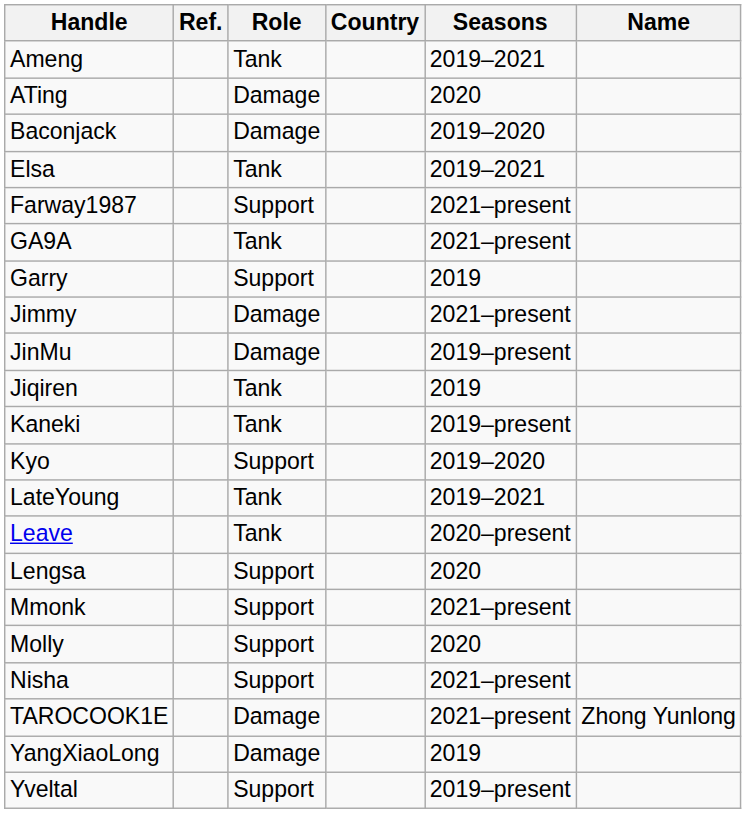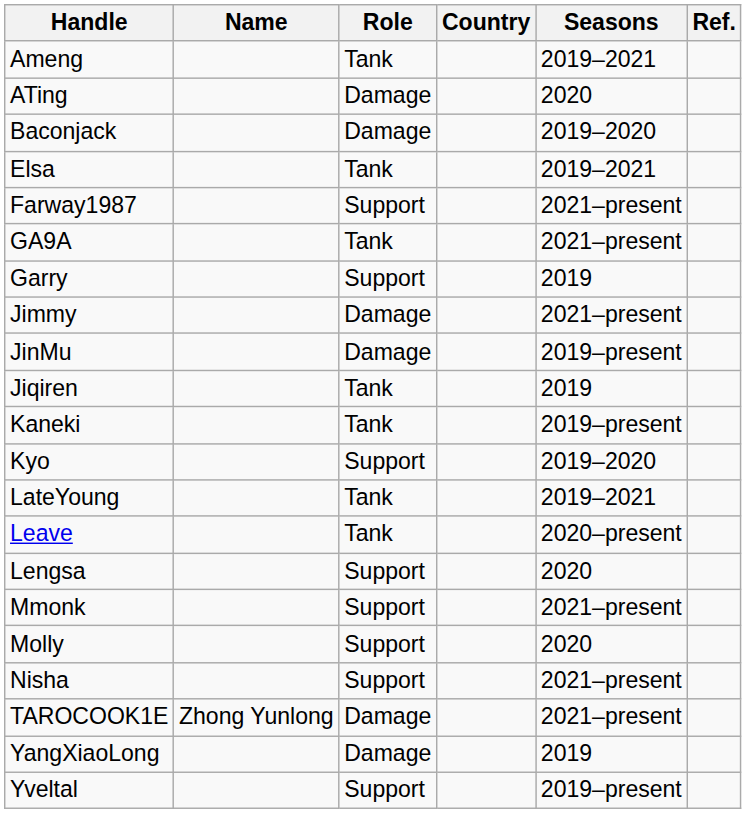 <table class="wikitable sortable" style="text-align:left;">
 <tr>
 <th style="background-color:#">Handle</th>
-<th style="background-color:#">Ref.</th>
+<th style="background-color:#">Name</th>
 <th style="background-color:#">Role</th>
 <th style="background-color:#">Country</th>
 <th style="background-color:#">Seasons</th>
-<th style="background-color:#">Name</th>
+<th style="background-color:#">Ref.</th>
 </tr>
 <tr>
 <td>Ameng</td>
 <td></td>
 <td>Tank</td>
 <td></td>
 <td>2019–2021</td>
 <td></td>
 </tr>
 <tr>
 <td>ATing</td>
 <td></td>
 <td>Damage</td>
 <td></td>
 <td>2020</td>
 <td></td>
 </tr>
 <tr>
 <td>Baconjack</td>
 <td></td>
 <td>Damage</td>
 <td></td>
 <td>2019–2020</td>
 <td></td>
 </tr>
 <tr>
 <td>Elsa</td>
 <td></td>
 <td>Tank</td>
 <td></td>
 <td>2019–2021</td>
 <td></td>
 </tr>
 <tr>
 <td>Farway1987</td>
 <td></td>
 <td>Support</td>
 <td></td>
 <td>2021–present</td>
 <td></td>
 </tr>
 <tr>
 <td>GA9A</td>
 <td></td>
 <td>Tank</td>
 <td></td>
 <td>2021–present</td>
 <td></td>
 </tr>
 <tr>
 <td>Garry</td>
 <td></td>
 <td>Support</td>
 <td></td>
 <td>2019</td>
 <td></td>
 </tr>
 <tr>
 <td>Jimmy</td>
 <td></td>
 <td>Damage</td>
 <td></td>
 <td>2021–present</td>
 <td></td>
 </tr>
 <tr>
 <td>JinMu</td>
 <td></td>
 <td>Damage</td>
 <td></td>
 <td>2019–present</td>
 <td></td>
 </tr>
 <tr>
 <td>Jiqiren</td>
 <td></td>
 <td>Tank</td>
 <td></td>
 <td>2019</td>
 <td></td>
 </tr>
 <tr>
 <td>Kaneki</td>
 <td></td>
 <td>Tank</td>
 <td></td>
 <td>2019–present</td>
 <td></td>
 </tr>
 <tr>
 <td>Kyo</td>
 <td></td>
 <td>Support</td>
 <td></td>
 <td>2019–2020</td>
 <td></td>
 </tr>
 <tr>
 <td>LateYoung</td>
 <td></td>
 <td>Tank</td>
 <td></td>
 <td>2019–2021</td>
 <td></td>
 </tr>
 <tr>
 <td><a href='#'>Leave</a></td>
 <td></td>
 <td>Tank</td>
 <td></td>
 <td>2020–present</td>
 <td></td>
 </tr>
 <tr>
 <td>Lengsa</td>
 <td></td>
 <td>Support</td>
 <td></td>
 <td>2020</td>
 <td></td>
 </tr>
 <tr>
 <td>Mmonk</td>
 <td></td>
 <td>Support</td>
 <td></td>
 <td>2021–present</td>
 <td></td>
 </tr>
 <tr>
 <td>Molly</td>
 <td></td>
 <td>Support</td>
 <td></td>
 <td>2020</td>
 <td></td>
 </tr>
 <tr>
 <td>Nisha</td>
 <td></td>
 <td>Support</td>
 <td></td>
 <td>2021–present</td>
 <td></td>
 </tr>
 <tr>
 <td>TAROCOOK1E</td>
-<td></td>
+<td>Zhong Yunlong</td>
 <td>Damage</td>
 <td></td>
 <td>2021–present</td>
-<td>Zhong Yunlong</td>
+<td></td>
 </tr>
 <tr>
 <td>YangXiaoLong</td>
 <td></td>
 <td>Damage</td>
 <td></td>
 <td>2019</td>
 <td></td>
 </tr>
 <tr>
 <td>Yveltal</td>
 <td></td>
 <td>Support</td>
 <td></td>
 <td>2019–present</td>
 <td></td>
 </tr>
 </table>
